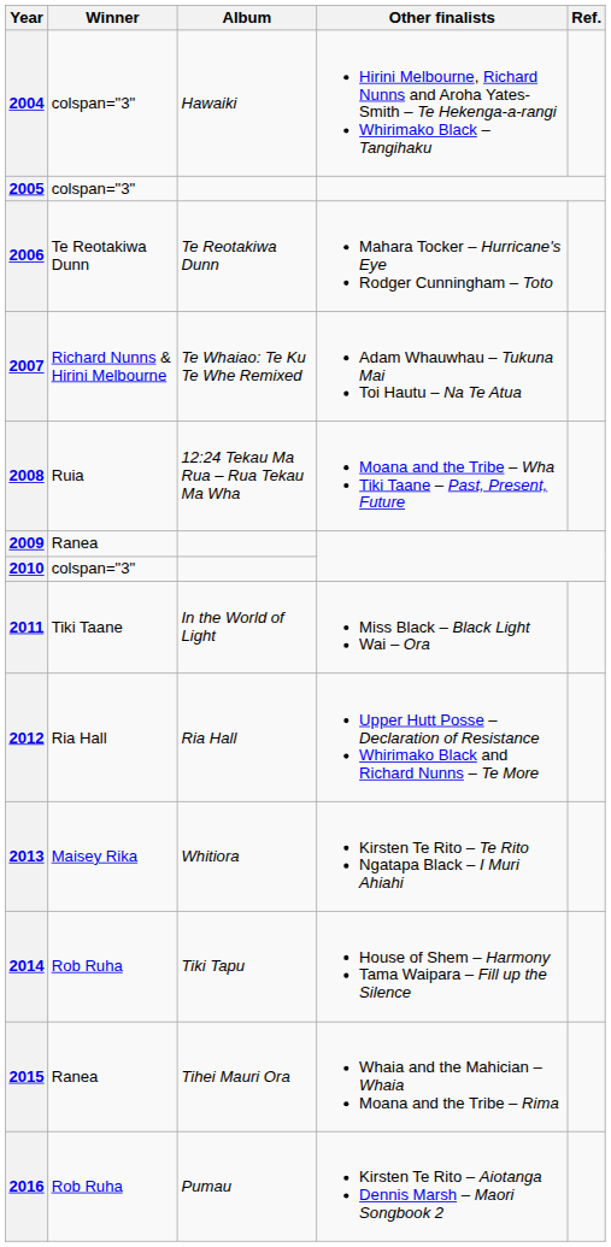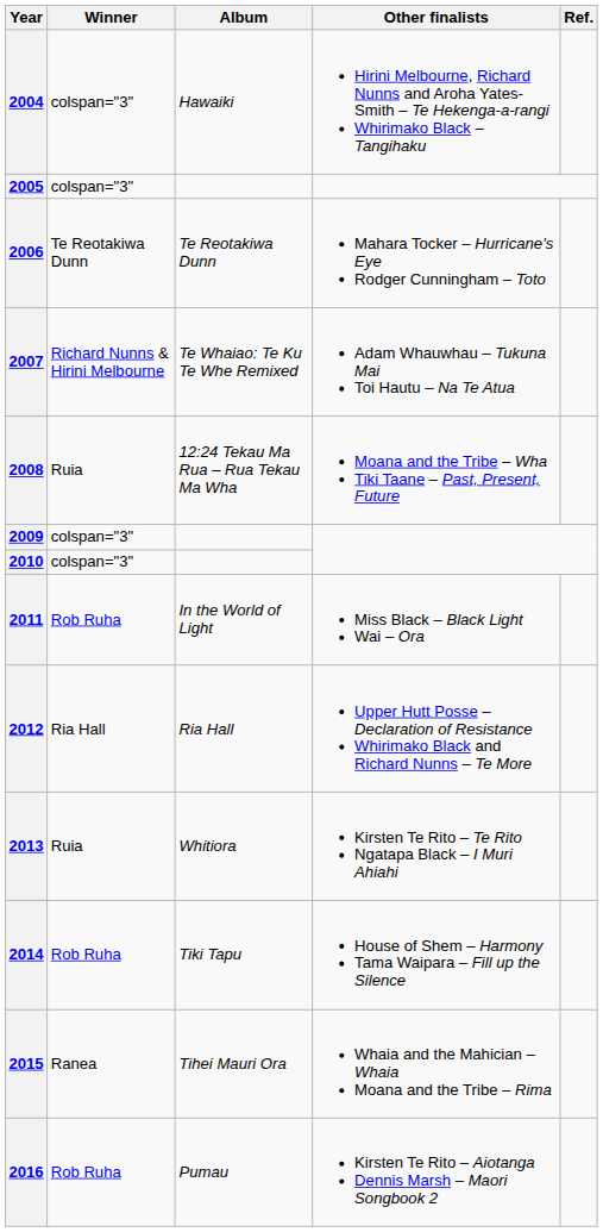 <table class="wikitable sortable">
 <tr>
 <th scope="col">Year</th>
 <th scope="col">Winner</th>
 <th scope="col">Album</th>
 <th scope="col" class=unsortable>Other finalists</th>
 <th scope="col" class=unsortable>Ref.</th>
 </tr>
 <tr>
 <th scope="row"><a href='#'>2004</a></th>
 <td>colspan="3" </td>
 <td><em>Hawaiki</em></td>
 <td><br><ul><li><a href='#'>Hirini Melbourne</a>, <a href='#'>Richard Nunns</a> and Aroha Yates-Smith – <em>Te Hekenga-a-rangi</em></li><li><a href='#'>Whirimako Black</a> – <em>Tangihaku</em></li></ul></td>
 <td align="center"></td>
 </tr>
 <tr>
 <th scope="row"><a href='#'>2005</a></th>
 <td>colspan="3" </td>
 <td align="center"></td>
 </tr>
 <tr>
 <th scope="row"><a href='#'>2006</a></th>
 <td>Te Reotakiwa Dunn</td>
 <td><em>Te Reotakiwa Dunn</em></td>
 <td><br><ul><li>Mahara Tocker – <em>Hurricane's Eye</em></li><li>Rodger Cunningham – <em>Toto</em></li></ul></td>
 <td align="center"></td>
 </tr>
 <tr>
 <th scope="row"><a href='#'>2007</a></th>
 <td><a href='#'>Richard Nunns</a> & <a href='#'>Hirini Melbourne</a></td>
 <td><em>Te Whaiao: Te Ku Te Whe Remixed</em></td>
 <td><br><ul><li>Adam Whauwhau – <em>Tukuna Mai</em></li><li>Toi Hautu – <em>Na Te Atua</em></li></ul></td>
 <td align="center"></td>
 </tr>
 <tr>
 <th scope="row"><a href='#'>2008</a></th>
 <td>Ruia</td>
 <td><em>12:24 Tekau Ma Rua – Rua Tekau Ma Wha</em></td>
 <td><br><ul><li><a href='#'>Moana and the Tribe</a> – <em>Wha</em></li><li><a href='#'>Tiki Taane</a> – <em><a href='#'>Past, Present, Future</a></em></li></ul></td>
 <td align="center"></td>
 </tr>
 <tr>
 <th scope="row"><a href='#'>2009</a></th>
-<td>Ranea</td>
+<td>colspan="3" </td>
 <td align="center"></td>
 </tr>
 <tr>
 <th scope="row"><a href='#'>2010</a></th>
 <td>colspan="3" </td>
 <td align="center"></td>
 </tr>
 <tr>
 <th scope="row"><a href='#'>2011</a></th>
-<td>Tiki Taane</td>
+<td><a href='#'>Rob Ruha</a></td>
 <td><em>In the World of Light</em></td>
 <td><br><ul><li>Miss Black – <em>Black Light</em></li><li>Wai – <em>Ora</em></li></ul></td>
 <td align="center"></td>
 </tr>
 <tr>
 <th scope="row"><a href='#'>2012</a></th>
 <td>Ria Hall</td>
 <td><em>Ria Hall</em></td>
 <td><br><ul><li><a href='#'>Upper Hutt Posse</a> – <em>Declaration of Resistance</em></li><li><a href='#'>Whirimako Black</a> and <a href='#'>Richard Nunns</a> – <em>Te More</em></li></ul></td>
 <td align="center"></td>
 </tr>
 <tr>
 <th scope="row"><a href='#'>2013</a></th>
-<td><a href='#'>Maisey Rika</a></td>
+<td>Ruia</td>
 <td><em>Whitiora</em></td>
 <td><br><ul><li>Kirsten Te Rito – <em>Te Rito</em></li><li>Ngatapa Black – <em>I Muri Ahiahi</em></li></ul></td>
 <td align="center"></td>
 </tr>
 <tr>
 <th scope="row"><a href='#'>2014</a></th>
 <td><a href='#'>Rob Ruha</a></td>
 <td><em>Tiki Tapu</em></td>
 <td><br><ul><li>House of Shem – <em>Harmony</em></li><li>Tama Waipara – <em>Fill up the Silence</em></li></ul></td>
 <td align="center"></td>
 </tr>
 <tr>
 <th scope="row"><a href='#'>2015</a></th>
 <td>Ranea</td>
 <td><em>Tihei Mauri Ora</em></td>
 <td><br><ul><li>Whaia and the Mahician – <em>Whaia</em></li><li>Moana and the Tribe – <em>Rima</em></li></ul></td>
 <td align="center"></td>
 </tr>
 <tr>
 <th scope="row"><a href='#'>2016</a></th>
 <td><a href='#'>Rob Ruha</a></td>
 <td><em>Pumau</em></td>
 <td><br><ul><li>Kirsten Te Rito – <em>Aiotanga</em></li><li><a href='#'>Dennis Marsh</a> – <em>Maori Songbook 2</em></li></ul></td>
 <td align="center"></td>
 </tr>
 </table>
